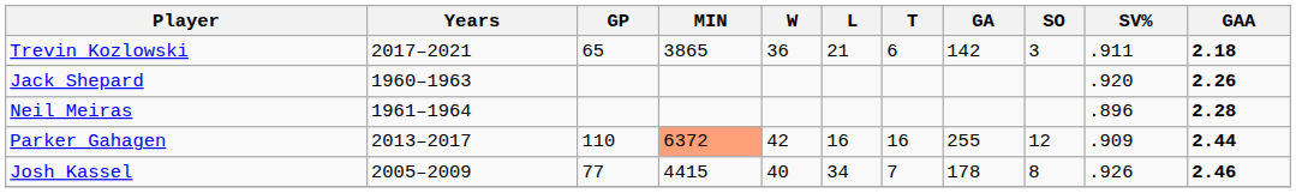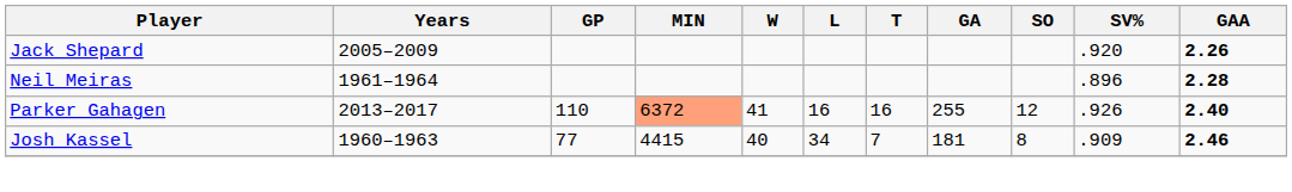 <table class="wikitable sortable" width ="900">
 <tr>
 <th>Player</th>
 <th>Years</th>
 <th>GP</th>
 <th>MIN</th>
 <th>W</th>
 <th>L</th>
 <th>T</th>
 <th>GA</th>
 <th>SO</th>
 <th>SV%</th>
 <th>GAA</th>
 </tr>
 <tr>
-<td><a href='#'>Trevin Kozlowski</a></td>
-<td>2017–2021</td>
-<td>65</td>
-<td>3865</td>
-<td>36</td>
-<td>21</td>
-<td>6</td>
-<td>142</td>
-<td>3</td>
-<td>.911</td>
-<td><strong>2.18</strong></td>
-</tr>
-<tr>
 <td><a href='#'>Jack Shepard</a></td>
-<td>1960–1963</td>
+<td>2005–2009</td>
 <td></td>
 <td></td>
 <td></td>
 <td></td>
 <td></td>
 <td></td>
 <td></td>
 <td>.920</td>
 <td><strong>2.26</strong></td>
 </tr>
 <tr>
 <td><a href='#'>Neil Meiras</a></td>
 <td>1961–1964</td>
 <td></td>
 <td></td>
 <td></td>
 <td></td>
 <td></td>
 <td></td>
 <td></td>
 <td>.896</td>
 <td><strong>2.28</strong></td>
 </tr>
 <tr>
 <td><a href='#'>Parker Gahagen</a></td>
 <td>2013–2017</td>
 <td>110</td>
 <td style="background: lightsalmon;">6372</td>
-<td>42</td>
+<td>41</td>
 <td>16</td>
 <td>16</td>
 <td>255</td>
 <td>12</td>
-<td>.909</td>
-<td><strong>2.44</strong></td>
+<td>.926</td>
+<td><strong>2.40</strong></td>
 </tr>
 <tr>
 <td><a href='#'>Josh Kassel</a></td>
-<td>2005–2009</td>
+<td>1960–1963</td>
 <td>77</td>
 <td>4415</td>
 <td>40</td>
 <td>34</td>
 <td>7</td>
-<td>178</td>
+<td>181</td>
 <td>8</td>
-<td>.926</td>
+<td>.909</td>
 <td><strong>2.46</strong></td>
 </tr>
 <tr>
 </tr>
 </table>
